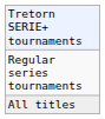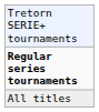 <table class="wikitable" style="font-size:85%;" width=15%>
 <tr bgcolor="#ECF2FF">
 <td>Tretorn SERIE+ tournaments</td>
 </tr>
 <tr>
-<td>Regular series tournaments</td>
+<td><strong>Regular series tournaments</strong></td>
 </tr>
 <tr bgcolor="#efefef">
 <td>All titles</td>
 </tr>
 </table>
